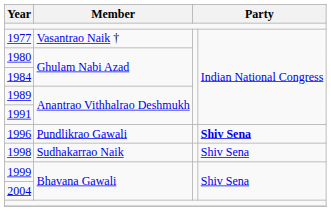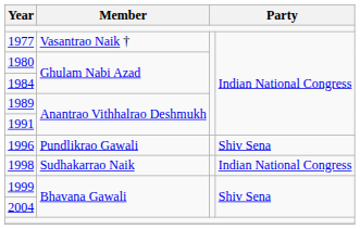 <table class="wikitable">
 <tr>
 <th>Year</th>
 <th>Member</th>
 <th colspan="2">Party</th>
 </tr>
 <tr>
 <td colspan=4></td>
 </tr>
 <tr>
 <td><a href='#'>1977</a></td>
 <td><a href='#'>Vasantrao Naik</a> †</td>
 <td rowspan="5" style="background-Color: "></td>
 <td rowspan=5><a href='#'>Indian National Congress</a></td>
 </tr>
 <tr>
 <td><a href='#'>1980</a></td>
 <td rowspan=2><a href='#'>Ghulam Nabi Azad</a></td>
 </tr>
 <tr>
 <td><a href='#'>1984</a></td>
 </tr>
 <tr>
 <td><a href='#'>1989</a></td>
 <td rowspan=2><a href='#'>Anantrao Vithhalrao Deshmukh</a></td>
 </tr>
 <tr>
 <td><a href='#'>1991</a></td>
 </tr>
 <tr>
 <td><a href='#'>1996</a></td>
 <td><a href='#'>Pundlikrao Gawali</a></td>
 <td style="background-color: "></td>
-<td><strong><a href='#'>Shiv Sena</a></strong></td>
+<td><a href='#'>Shiv Sena</a></td>
 </tr>
 <tr>
 <td><a href='#'>1998</a></td>
 <td><a href='#'>Sudhakarrao Naik</a></td>
 <td style="background-color: "></td>
-<td><a href='#'>Shiv Sena</a></td>
+<td><a href='#'>Indian National Congress</a></td>
 </tr>
 <tr>
 <td><a href='#'>1999</a></td>
 <td rowspan="2"><a href='#'>Bhavana Gawali</a></td>
 <td rowspan=2 style="background-color: "></td>
 <td rowspan="2"><a href='#'>Shiv Sena</a></td>
 </tr>
 <tr>
 <td><a href='#'>2004</a></td>
 </tr>
 <tr>
 <td colspan=4></td>
 </tr>
 <tr>
 </tr>
 </table>
